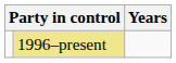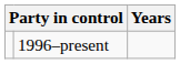 <table class="wikitable">
 <tr>
 <th colspan=2>Party in control</th>
 <th>Years</th>
 </tr>
 <tr>
 <td></td>
-<td style="background: khaki;">1996–present</td>
+<td>1996–present</td>
 </tr>
 </table>
